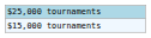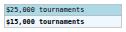 <table class="wikitable" style="font-size:85%; width:15%;">
 <tr style="background:lightblue;">
 <td>$25,000 tournaments</td>
 </tr>
 <tr style="background:#f0f8ff;">
-<td>$15,000 tournaments</td>
+<td><strong>$15,000 tournaments</strong></td>
 </tr>
 </table>
